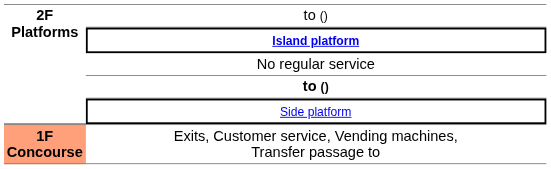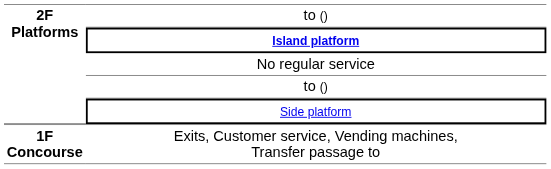 <table table border=0 cellspacing=0 cellpadding=3>
 <tr>
 <td style="border-bottom:solid 1px gray; border-top:solid 1px gray;text-align:center" rowspan="5" valign=top width=50><strong>2F<br>Platforms</strong></td>
 <td style="border-bottom:solid 1px gray; border-top:solid 1px gray;text-align:center">  to  <small>()</small></td>
 </tr>
 <tr>
 <td style="border-right:solid 2px black;border-left:solid 2px black;border-top:solid 2px black;border-bottom:solid 2px black;text-align:center;"><strong><small><a href='#'>Island platform</a></small></strong></td>
 </tr>
 <tr>
 <td style="border-bottom:solid 1px gray;text-align:center;">No regular service</td>
 </tr>
 <tr>
-<td style="border-bottom:solid 1px gray;text-align:center;"><strong> to  <small>()</small> </strong></td>
+<td style="border-bottom:solid 1px gray;text-align:center;"> to  <small>()</small> </td>
 </tr>
 <tr>
 <td style="border-right:solid 2px black;border-left:solid 2px black;border-top:solid 2px black;border-bottom:solid 2px black;text-align:center;"><small><a href='#'>Side platform</a></small></td>
 </tr>
 <tr>
-<td style="background: lightsalmon; border-bottom:solid 1px gray; border-top:solid 1px gray;text-align:center" valign=top><strong>1F<br>Concourse</strong></td>
+<td style="border-bottom:solid 1px gray; border-top:solid 1px gray;text-align:center" valign=top><strong>1F<br>Concourse</strong></td>
 <td style="border-bottom:solid 1px gray; border-top:solid 1px gray;text-align:center" valign=top width=500>Exits, Customer service, Vending machines,<br>Transfer passage to </td>
 </tr>
 </table>
